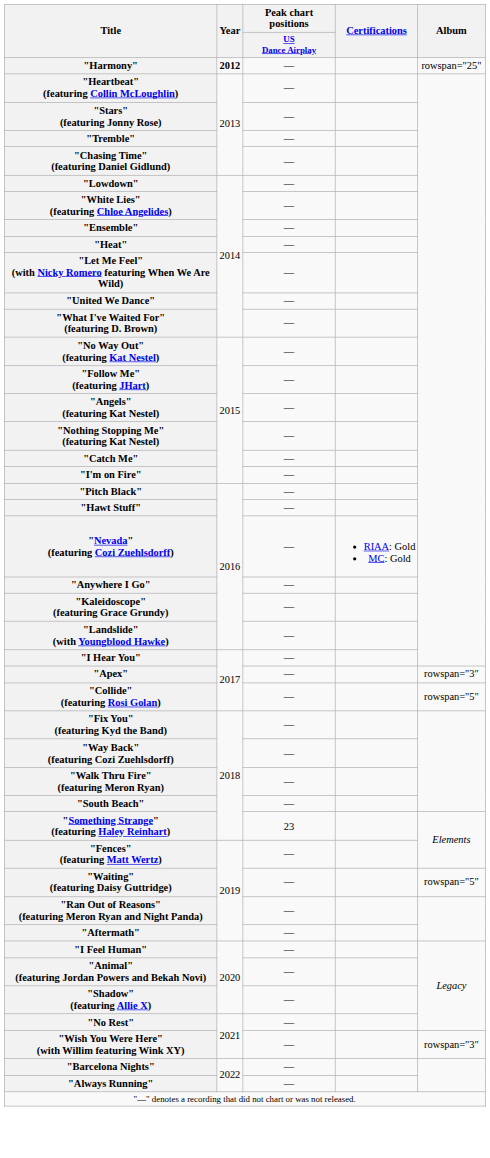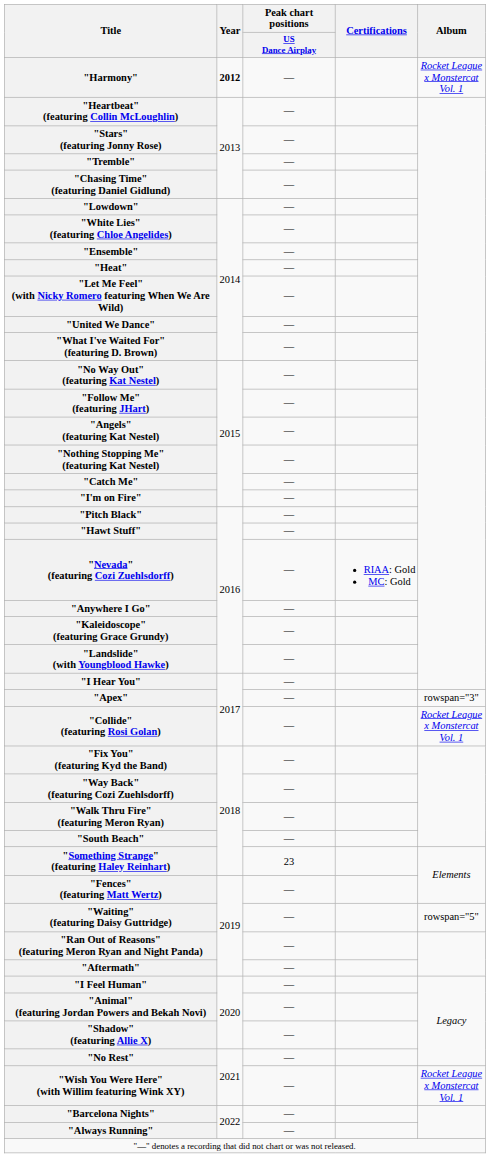 <table class="wikitable plainrowheaders" style="text-align:center;">
 <tr>
 <th rowspan="2" scope="col" style="width:20em;">Title</th>
 <th rowspan="2" scope="col" style="width:2em;">Year</th>
 <th scope="col">Peak chart positions</th>
 <th scope="col" rowspan="2"><a href='#'>Certifications</a></th>
 <th rowspan="2" scope="col" style="width:6em;">Album</th>
 </tr>
 <tr>
 <th scope="col" style="width:10em;font-size:85%;"><a href='#'>US</a><br><a href='#'>Dance Airplay</a><br></th>
 </tr>
 <tr>
 <th scope="row">"Harmony"</th>
 <td><strong>2012</strong></td>
 <td>—</td>
 <td></td>
-<td>rowspan="25" </td>
+<td><em><a href='#'>Rocket League x Monstercat Vol. 1</a></em></td>
 </tr>
 <tr>
 <th scope="row">"Heartbeat"<br><span>(featuring <a href='#'>Collin McLoughlin</a>)</span></th>
 <td rowspan="4">2013</td>
 <td>—</td>
 <td></td>
 </tr>
 <tr>
 <th scope="row">"Stars"<br><span>(featuring Jonny Rose)</span></th>
 <td>—</td>
 <td></td>
 </tr>
 <tr>
 <th scope="row">"Tremble"</th>
 <td>—</td>
 <td></td>
 </tr>
 <tr>
 <th scope="row">"Chasing Time"<br><span>(featuring Daniel Gidlund)</span></th>
 <td>—</td>
 <td></td>
 </tr>
 <tr>
 <th scope="row">"Lowdown"</th>
 <td rowspan="7">2014</td>
 <td>—</td>
 <td></td>
 </tr>
 <tr>
 <th scope="row">"White Lies"<br><span>(featuring <a href='#'>Chloe Angelides</a>)</span></th>
 <td>—</td>
 <td></td>
 </tr>
 <tr>
 <th scope="row">"Ensemble"</th>
 <td>—</td>
 <td></td>
 </tr>
 <tr>
 <th scope="row">"Heat"</th>
 <td>—</td>
 <td></td>
 </tr>
 <tr>
 <th scope="row">"Let Me Feel"<br><span>(with <a href='#'>Nicky Romero</a> featuring When We Are Wild)</span></th>
 <td>—</td>
 <td></td>
 </tr>
 <tr>
 <th scope="row">"United We Dance"</th>
 <td>—</td>
 <td></td>
 </tr>
 <tr>
 <th scope="row">"What I've Waited For"<br><span>(featuring D. Brown)</span></th>
 <td>—</td>
 <td></td>
 </tr>
 <tr>
 <th scope="row">"No Way Out"<br><span>(featuring <a href='#'>Kat Nestel</a>)</span></th>
 <td rowspan="6">2015</td>
 <td>—</td>
 <td></td>
 </tr>
 <tr>
 <th scope="row">"Follow Me"<br><span>(featuring <a href='#'>JHart</a>)</span></th>
 <td>—</td>
 <td></td>
 </tr>
 <tr>
 <th scope="row">"Angels"<br><span>(featuring Kat Nestel)</span></th>
 <td>—</td>
 <td></td>
 </tr>
 <tr>
 <th scope="row">"Nothing Stopping Me"<br><span>(featuring Kat Nestel)</span></th>
 <td>—</td>
 <td></td>
 </tr>
 <tr>
 <th scope="row">"Catch Me"</th>
 <td>—</td>
 <td></td>
 </tr>
 <tr>
 <th scope="row">"I'm on Fire"</th>
 <td>—</td>
 <td></td>
 </tr>
 <tr>
 <th scope="row">"Pitch Black"</th>
 <td rowspan="6">2016</td>
 <td>—</td>
 <td></td>
 </tr>
 <tr>
 <th scope="row">"Hawt Stuff"</th>
 <td>—</td>
 <td></td>
 </tr>
 <tr>
 <th scope="row">"<a href='#'>Nevada</a>"<br><span>(featuring <a href='#'>Cozi Zuehlsdorff</a>)</span></th>
 <td>—</td>
 <td><br><ul><li><a href='#'>RIAA</a>: Gold</li><li><a href='#'>MC</a>: Gold</li></ul></td>
 </tr>
 <tr>
 <th scope="row">"Anywhere I Go"</th>
 <td>—</td>
 <td></td>
 </tr>
 <tr>
 <th scope="row">"Kaleidoscope"<br><span>(featuring Grace Grundy)</span></th>
 <td>—</td>
 <td></td>
 </tr>
 <tr>
 <th scope="row">"Landslide"<br><span>(with <a href='#'>Youngblood Hawke</a>)</span></th>
 <td>—</td>
 <td></td>
 </tr>
 <tr>
 <th scope="row">"I Hear You"</th>
 <td rowspan="3">2017</td>
 <td>—</td>
 <td></td>
 </tr>
 <tr>
 <th scope="row">"Apex"</th>
 <td>—</td>
 <td></td>
 <td>rowspan="3" </td>
 </tr>
 <tr>
 <th scope="row">"Collide"<br><span>(featuring <a href='#'>Rosi Golan</a>)</span></th>
 <td>—</td>
 <td></td>
-<td>rowspan="5" </td>
+<td><em><a href='#'>Rocket League x Monstercat Vol. 1</a></em></td>
 </tr>
 <tr>
 <th scope="row">"Fix You"<br><span>(featuring Kyd the Band)</span></th>
 <td rowspan="5">2018</td>
 <td>—</td>
 <td></td>
 </tr>
 <tr>
 <th scope="row">"Way Back"<br><span>(featuring Cozi Zuehlsdorff)</span></th>
 <td>—</td>
 <td></td>
 </tr>
 <tr>
 <th scope="row">"Walk Thru Fire" <br><span>(featuring Meron Ryan)</span></th>
 <td>—</td>
 <td></td>
 </tr>
 <tr>
 <th scope="row">"South Beach"</th>
 <td>—</td>
 <td></td>
 </tr>
 <tr>
 <th scope="row">"<a href='#'>Something Strange</a>" <br><span>(featuring <a href='#'>Haley Reinhart</a>)</span></th>
 <td>23</td>
 <td></td>
 <td rowspan="2"><em>Elements</em></td>
 </tr>
 <tr>
 <th scope="row">"Fences" <br><span>(featuring <a href='#'>Matt Wertz</a>)</span></th>
 <td rowspan="4">2019</td>
 <td>—</td>
 <td></td>
 </tr>
 <tr>
 <th scope="row">"Waiting" <br><span>(featuring Daisy Guttridge)</span></th>
 <td>—</td>
 <td></td>
 <td>rowspan="5" </td>
 </tr>
 <tr>
 <th scope="row">"Ran Out of Reasons" <br><span>(featuring Meron Ryan and Night Panda)</span></th>
 <td>—</td>
 <td></td>
 </tr>
 <tr>
 <th scope="row">"Aftermath"</th>
 <td>—</td>
 <td></td>
 </tr>
 <tr>
 <th scope="row">"I Feel Human"</th>
 <td rowspan="3">2020</td>
 <td>—</td>
 <td></td>
 <td rowspan="4"><em>Legacy</em></td>
 </tr>
 <tr>
 <th scope="row">"Animal" <br><span>(featuring Jordan Powers and Bekah Novi)</span></th>
 <td>—</td>
 <td></td>
 </tr>
 <tr>
 <th scope="row">"Shadow" <br><span>(featuring <a href='#'>Allie X</a>)</span></th>
 <td>—</td>
 <td></td>
 </tr>
 <tr>
 <th scope="row">"No Rest"</th>
 <td rowspan="2">2021</td>
 <td>—</td>
 <td></td>
 </tr>
 <tr>
 <th scope="row">"Wish You Were Here" <br><span>(with Willim featuring Wink XY)</span></th>
 <td>—</td>
 <td></td>
-<td>rowspan="3" </td>
+<td><em><a href='#'>Rocket League x Monstercat Vol. 1</a></em></td>
 </tr>
 <tr>
 <th scope="row">"Barcelona Nights"</th>
 <td rowspan="2">2022</td>
 <td>—</td>
 <td></td>
 </tr>
 <tr>
 <th scope="row">"Always Running"</th>
 <td>—</td>
 <td></td>
 </tr>
 <tr>
 <td colspan="5" style="font-size:85%">"—" denotes a recording that did not chart or was not released.</td>
 </tr>
 </table>
